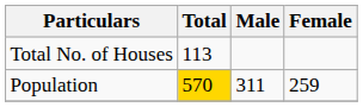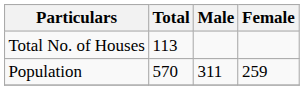 <table class="wikitable sortable">
 <tr>
 <th>Particulars</th>
 <th>Total</th>
 <th>Male</th>
 <th>Female</th>
 </tr>
 <tr>
 <td>Total No. of Houses</td>
 <td>113</td>
 <td></td>
 <td></td>
 </tr>
 <tr>
 <td>Population</td>
-<td style="background: gold;">570</td>
+<td>570</td>
 <td>311</td>
 <td>259</td>
 </tr>
 <tr>
 </tr>
 </table>
